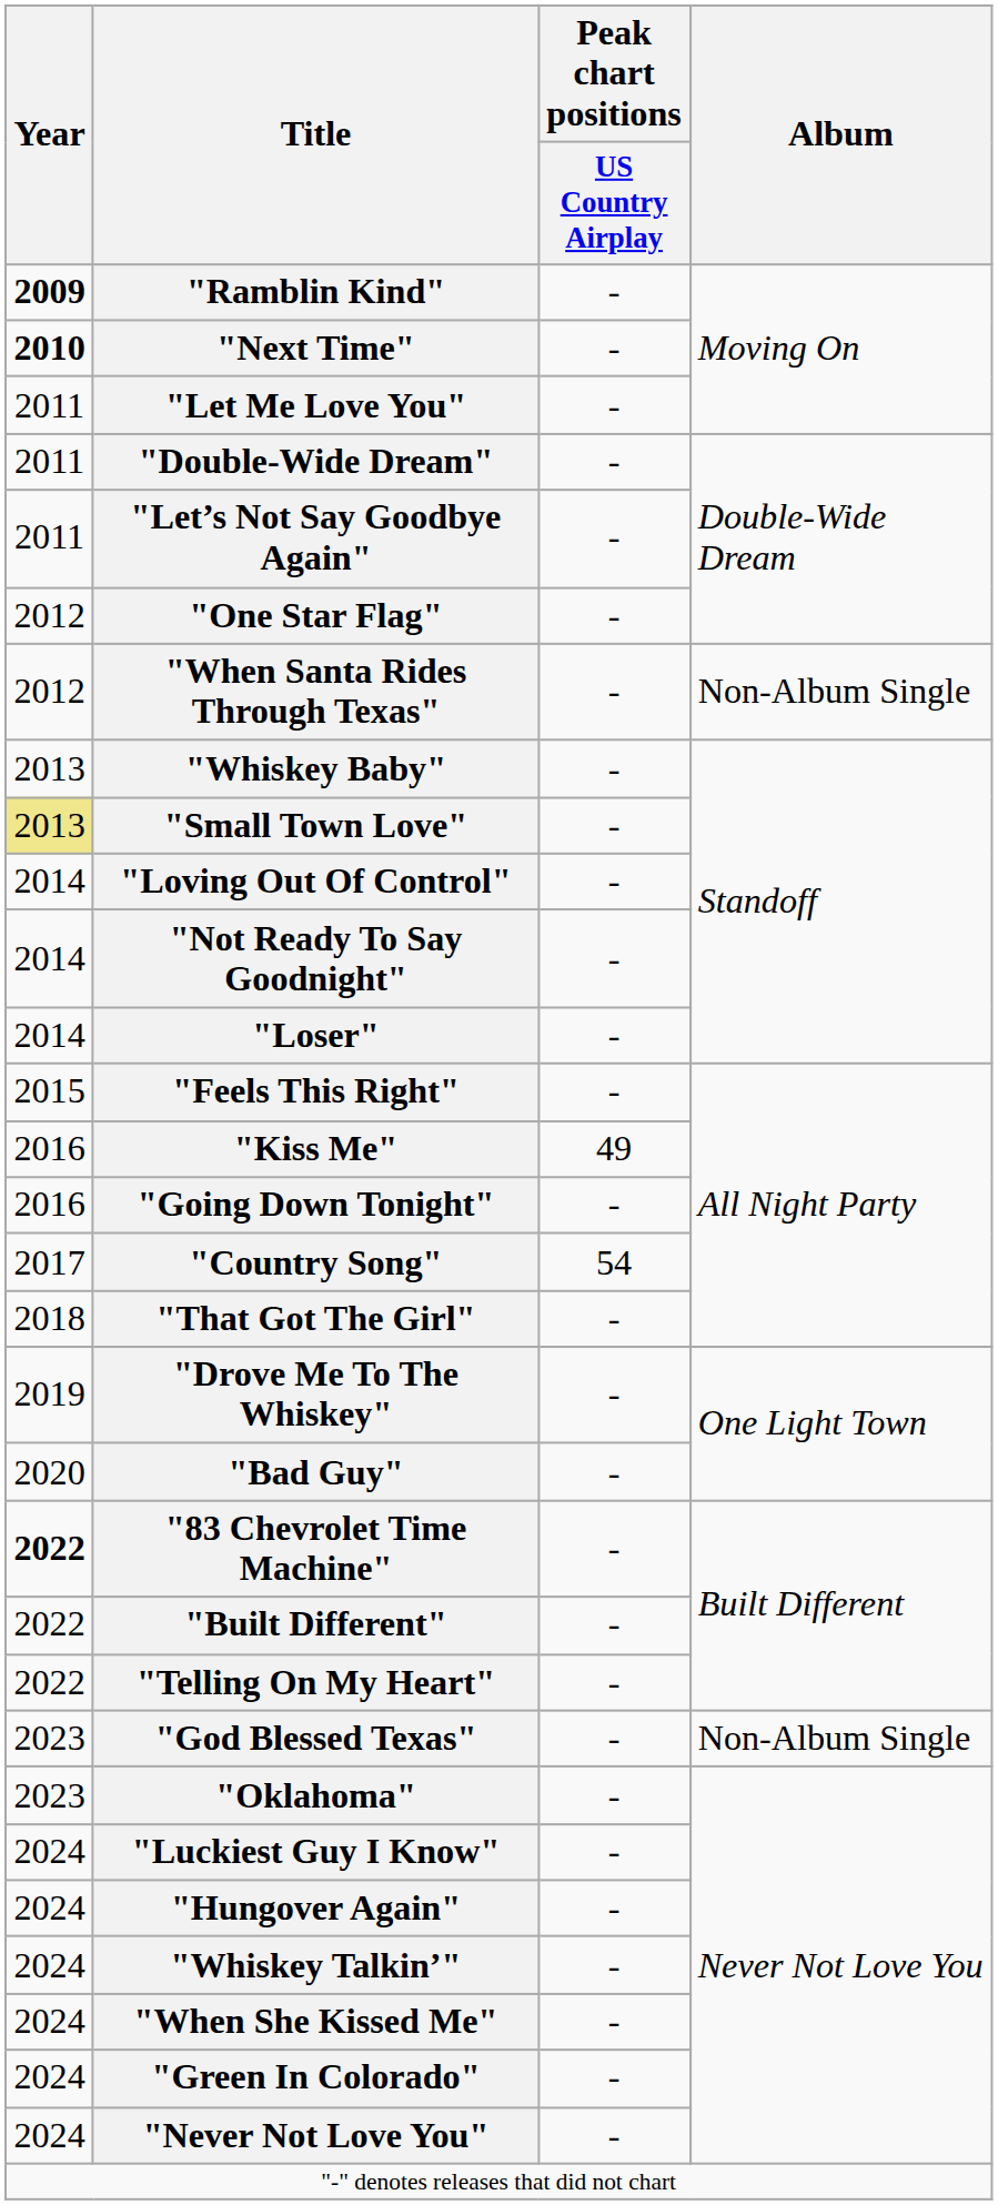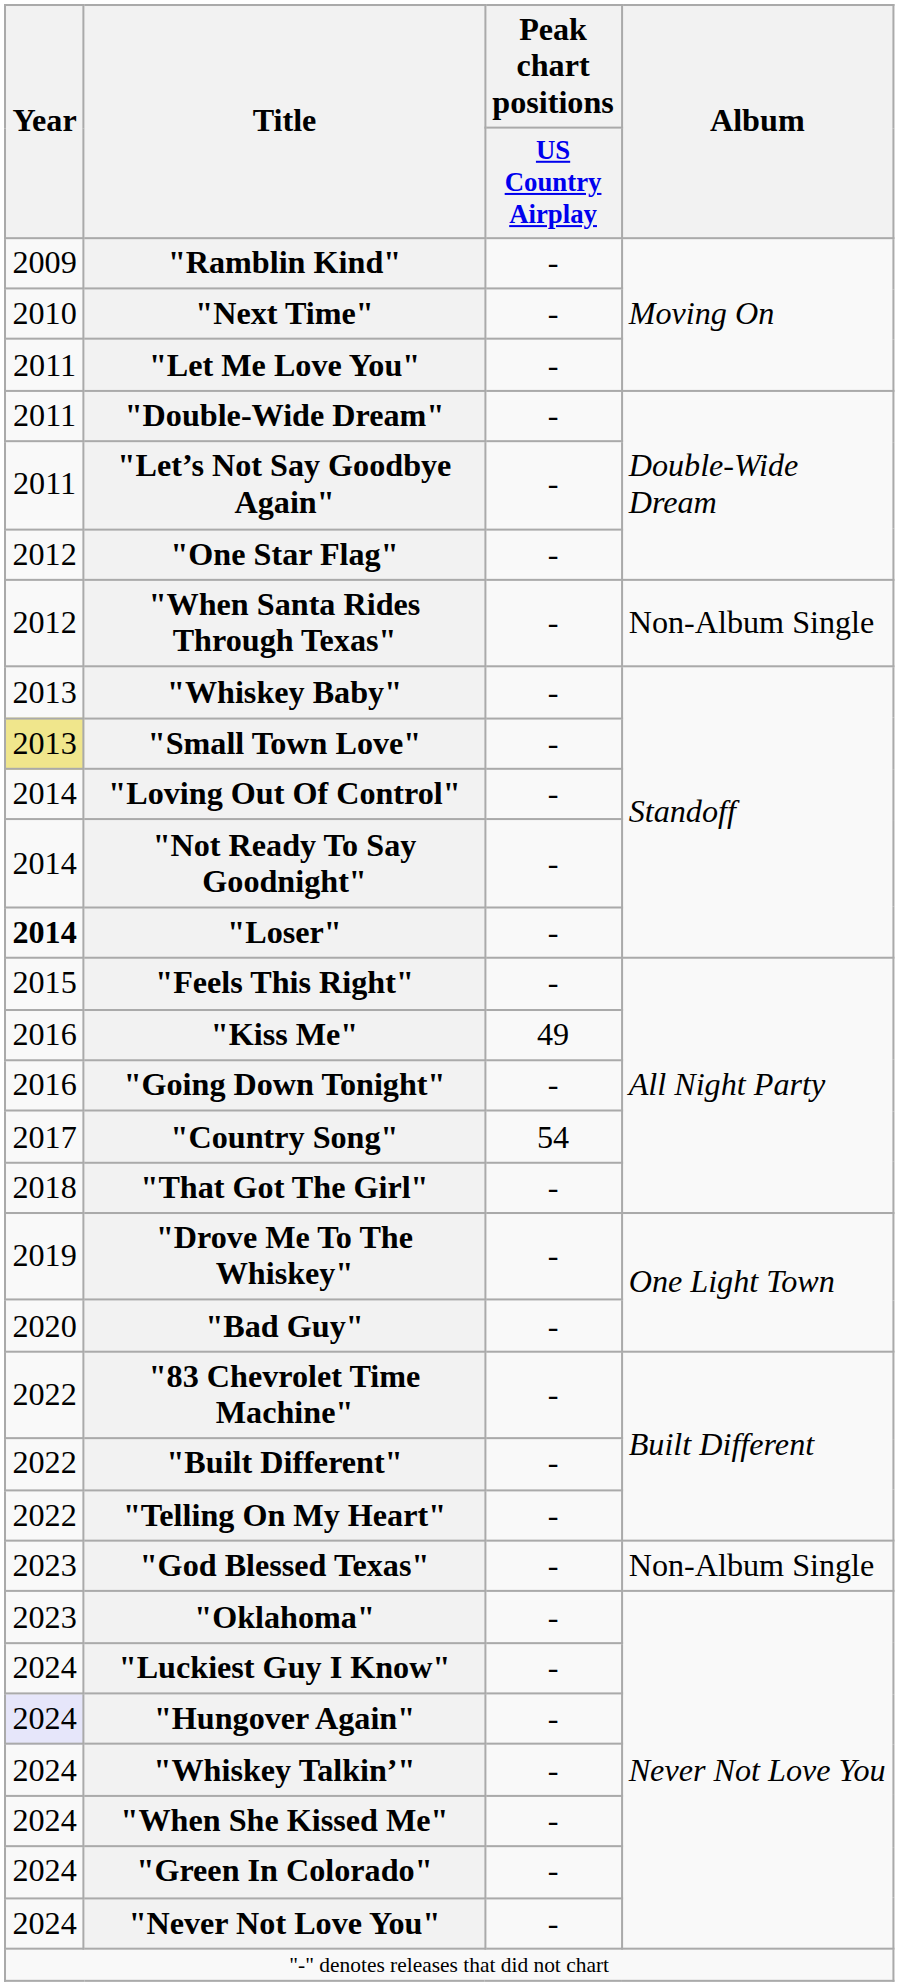 <table class="wikitable plainrowheaders" style="text-align:center;">
 <tr>
 <th rowspan="2">Year</th>
 <th rowspan="2" style="width:12em;">Title</th>
 <th colspan="1">Peak chart positions</th>
 <th rowspan="2" style="width:8em;">Album</th>
 </tr>
 <tr style="font-size:smaller;">
 <th width="45"><a href='#'>US Country Airplay</a><br></th>
 </tr>
 <tr>
-<td><strong>2009</strong></td>
+<td>2009</td>
 <th scope="row">"Ramblin Kind"</th>
 <td>-</td>
 <td style="text-align:left;" rowspan="3"><em>Moving On</em></td>
 </tr>
 <tr>
-<td><strong>2010</strong></td>
+<td>2010</td>
 <th scope="row">"Next Time"</th>
 <td>-</td>
 </tr>
 <tr>
 <td>2011</td>
 <th scope="row">"Let Me Love You"</th>
 <td>-</td>
 </tr>
 <tr>
 <td>2011</td>
 <th scope="row">"Double-Wide Dream"</th>
 <td>-</td>
 <td style="text-align:left;" rowspan="3"><em>Double-Wide Dream</em></td>
 </tr>
 <tr>
 <td>2011</td>
 <th scope="row">"Let’s Not Say Goodbye Again"</th>
 <td>-</td>
 </tr>
 <tr>
 <td>2012</td>
 <th scope="row">"One Star Flag"</th>
 <td>-</td>
 </tr>
 <tr>
 <td>2012</td>
 <th scope="row">"When Santa Rides Through Texas"</th>
 <td>-</td>
 <td align="left">Non-Album Single</td>
 </tr>
 <tr>
 <td>2013</td>
 <th scope="row">"Whiskey Baby"</th>
 <td>-</td>
 <td style="text-align:left;" rowspan="5"><em>Standoff</em></td>
 </tr>
 <tr>
 <td style="background: khaki;">2013</td>
 <th scope="row">"Small Town Love"</th>
 <td>-</td>
 </tr>
 <tr>
 <td>2014</td>
 <th scope="row">"Loving Out Of Control"</th>
 <td>-</td>
 </tr>
 <tr>
 <td>2014</td>
 <th scope="row">"Not Ready To Say Goodnight"</th>
 <td>-</td>
 </tr>
 <tr>
-<td>2014</td>
+<td><strong>2014</strong></td>
 <th scope="row">"Loser"</th>
 <td>-</td>
 </tr>
 <tr>
 <td>2015</td>
 <th scope="row">"Feels This Right"</th>
 <td>-</td>
 <td style="text-align:left;" rowspan="5"><em>All Night Party</em></td>
 </tr>
 <tr>
 <td>2016</td>
 <th scope="row">"Kiss Me"</th>
 <td>49</td>
 </tr>
 <tr>
 <td>2016</td>
 <th scope="row">"Going Down Tonight"</th>
 <td>-</td>
 </tr>
 <tr>
 <td>2017</td>
 <th scope="row">"Country Song"</th>
 <td>54</td>
 </tr>
 <tr>
 <td>2018</td>
 <th scope="row">"That Got The Girl"</th>
 <td>-</td>
 </tr>
 <tr>
 <td>2019</td>
 <th scope="row">"Drove Me To The Whiskey"</th>
 <td>-</td>
 <td style="text-align:left;" rowspan="2"><em>One Light Town</em></td>
 </tr>
 <tr>
 <td>2020</td>
 <th scope="row">"Bad Guy"</th>
 <td>-</td>
 </tr>
 <tr>
-<td><strong>2022</strong></td>
+<td>2022</td>
 <th scope="row">"83 Chevrolet Time Machine"</th>
 <td>-</td>
 <td style="text-align:left;" rowspan="3"><em>Built Different</em></td>
 </tr>
 <tr>
 <td>2022</td>
 <th scope="row">"Built Different"</th>
 <td>-</td>
 </tr>
 <tr>
 <td>2022</td>
 <th scope="row">"Telling On My Heart"</th>
 <td>-</td>
 </tr>
 <tr>
 <td>2023</td>
 <th scope="row">"God Blessed Texas"</th>
 <td>-</td>
 <td align="left">Non-Album Single</td>
 </tr>
 <tr>
 <td>2023</td>
 <th scope="row">"Oklahoma"</th>
 <td>-</td>
 <td style="text-align:left;" rowspan="7"><em>Never Not Love You</em></td>
 </tr>
 <tr>
 <td>2024</td>
 <th scope="row">"Luckiest Guy I Know"</th>
 <td>-</td>
 </tr>
 <tr>
-<td>2024</td>
+<td style="background: lavender;">2024</td>
 <th scope="row">"Hungover Again"</th>
 <td>-</td>
 </tr>
 <tr>
 <td>2024</td>
 <th scope="row">"Whiskey Talkin’"</th>
 <td>-</td>
 </tr>
 <tr>
 <td>2024</td>
 <th scope="row">"When She Kissed Me"</th>
 <td>-</td>
 </tr>
 <tr>
 <td>2024</td>
 <th scope="row">"Green In Colorado"</th>
 <td>-</td>
 </tr>
 <tr>
 <td>2024</td>
 <th scope="row">"Never Not Love You"</th>
 <td>-</td>
 </tr>
 <tr>
 <td colspan="6" style="font-size:8pt">"-" denotes releases that did not chart</td>
 </tr>
 </table>
